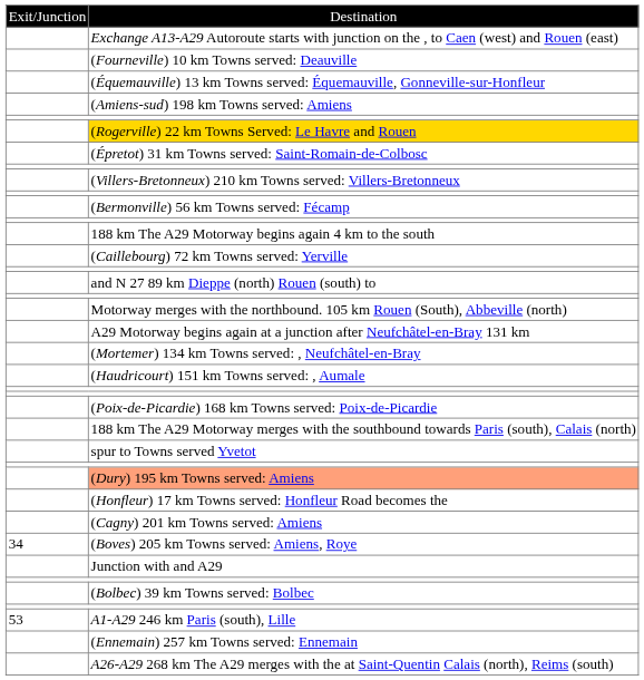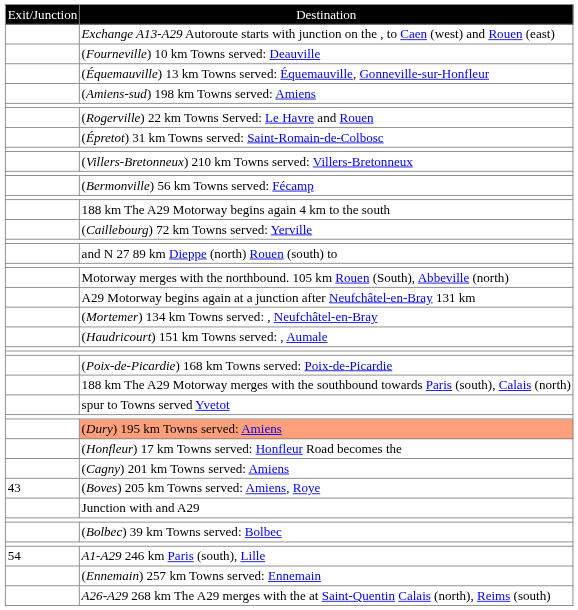 <table border=1 cellpadding=2 style="margin-left:1em; margin-bottom: 1em; color: black; border-collapse: collapse; font-size: 95%;">
 <tr align="center" bgcolor="000000" style="color: white">
 <td>Exit/Junction</td>
 <td>Destination</td>
 </tr>
 <tr>
 <td></td>
 <td><em>Exchange A13-A29</em> Autoroute starts with junction on the <em></em>, to <a href='#'>Caen</a> (west) and <a href='#'>Rouen</a> (east)</td>
 </tr>
 <tr>
 <td></td>
 <td>(<em>Fourneville</em>) 10 km Towns served: <a href='#'>Deauville</a></td>
 </tr>
 <tr>
 <td></td>
 <td>(<em>Équemauville</em>) 13 km Towns served: <a href='#'>Équemauville</a>, <a href='#'>Gonneville-sur-Honfleur</a></td>
 </tr>
 <tr>
 <td></td>
 <td>(<em>Amiens-sud</em>) 198 km Towns served: <a href='#'>Amiens</a></td>
 </tr>
 <tr>
 <td colspan="2"></td>
 </tr>
 <tr>
 <td></td>
-<td style="background: gold;">(<em>Rogerville</em>) 22 km <em></em> Towns Served: <a href='#'>Le Havre</a> and <a href='#'>Rouen</a></td>
+<td>(<em>Rogerville</em>) 22 km <em></em> Towns Served: <a href='#'>Le Havre</a> and <a href='#'>Rouen</a></td>
 </tr>
 <tr>
 <td></td>
 <td>(<em>Épretot</em>) 31 km Towns served: <a href='#'>Saint-Romain-de-Colbosc</a></td>
 </tr>
 <tr>
 <td colspan="2"></td>
 </tr>
 <tr>
 <td></td>
 <td>(<em>Villers-Bretonneux</em>) 210 km Towns served: <a href='#'>Villers-Bretonneux</a></td>
 </tr>
 <tr>
 <td colspan="2"></td>
 </tr>
 <tr>
 <td></td>
 <td>(<em>Bermonville</em>) 56 km Towns served: <a href='#'>Fécamp</a></td>
 </tr>
 <tr>
 <td colspan="2"></td>
 </tr>
 <tr>
 <td></td>
 <td>188 km The A29 Motorway begins again 4 km to the south</td>
 </tr>
 <tr>
 <td></td>
 <td>(<em>Caillebourg</em>) 72 km Towns served: <a href='#'>Yerville</a></td>
 </tr>
 <tr>
 <td colspan="2"></td>
 </tr>
 <tr>
 <td></td>
 <td><em></em> and N 27 89 km <a href='#'>Dieppe</a> (north) <a href='#'>Rouen</a> (south) to <em></em></td>
 </tr>
 <tr>
 <td colspan="2"></td>
 </tr>
 <tr>
 <td></td>
 <td>Motorway merges with the <em></em> northbound. 105 km <a href='#'>Rouen</a> (South), <a href='#'>Abbeville</a> (north)</td>
 </tr>
 <tr>
 <td></td>
 <td>A29 Motorway begins again at a junction after <a href='#'>Neufchâtel-en-Bray</a> 131 km</td>
 </tr>
 <tr>
 <td></td>
 <td>(<em>Mortemer</em>) 134 km Towns served: <em></em>, <a href='#'>Neufchâtel-en-Bray</a></td>
 </tr>
 <tr>
 <td></td>
 <td>(<em>Haudricourt</em>) 151 km Towns served: <em></em>, <a href='#'>Aumale</a></td>
 </tr>
 <tr>
 <td colspan="2"></td>
 </tr>
 <tr>
 <td colspan="2"></td>
 </tr>
 <tr>
 <td></td>
 <td>(<em>Poix-de-Picardie</em>) 168 km Towns served: <a href='#'>Poix-de-Picardie</a></td>
 </tr>
 <tr>
 <td></td>
 <td>188 km The A29 Motorway merges with the <em></em> southbound towards <a href='#'>Paris</a> (south), <a href='#'>Calais</a> (north)</td>
 </tr>
 <tr>
 <td></td>
 <td><em></em> spur to <em></em> Towns served <a href='#'>Yvetot</a></td>
 </tr>
 <tr>
 <td colspan="2"></td>
 </tr>
 <tr>
 <td></td>
 <td style="background: lightsalmon;">(<em>Dury</em>) 195 km Towns served: <a href='#'>Amiens</a></td>
 </tr>
 <tr>
 <td></td>
 <td>(<em>Honfleur</em>) 17 km Towns served: <a href='#'>Honfleur</a> Road becomes the <em></em></td>
 </tr>
 <tr>
 <td></td>
 <td>(<em>Cagny</em>) 201 km Towns served: <a href='#'>Amiens</a></td>
 </tr>
 <tr>
-<td> 34</td>
+<td> 43</td>
 <td>(<em>Boves</em>) 205 km Towns served: <a href='#'>Amiens</a>, <a href='#'>Roye</a></td>
 </tr>
 <tr>
 <td></td>
 <td>Junction with <em></em> and A29</td>
 </tr>
 <tr>
 <td colspan="2"></td>
 </tr>
 <tr>
 <td></td>
 <td>(<em>Bolbec</em>) 39 km Towns served: <a href='#'>Bolbec</a></td>
 </tr>
 <tr>
 <td colspan="2"></td>
 </tr>
 <tr>
-<td> 53</td>
+<td> 54</td>
 <td><em>A1-A29</em> <em></em> 246 km <a href='#'>Paris</a> (south), <a href='#'>Lille</a></td>
 </tr>
 <tr>
 <td></td>
 <td>(<em>Ennemain</em>) 257 km Towns served: <a href='#'>Ennemain</a></td>
 </tr>
 <tr>
 <td></td>
 <td><em>A26-A29</em> 268 km The A29 merges with the <em></em> at <a href='#'>Saint-Quentin</a> <a href='#'>Calais</a> (north), <a href='#'>Reims</a> (south)</td>
 </tr>
 </table>
